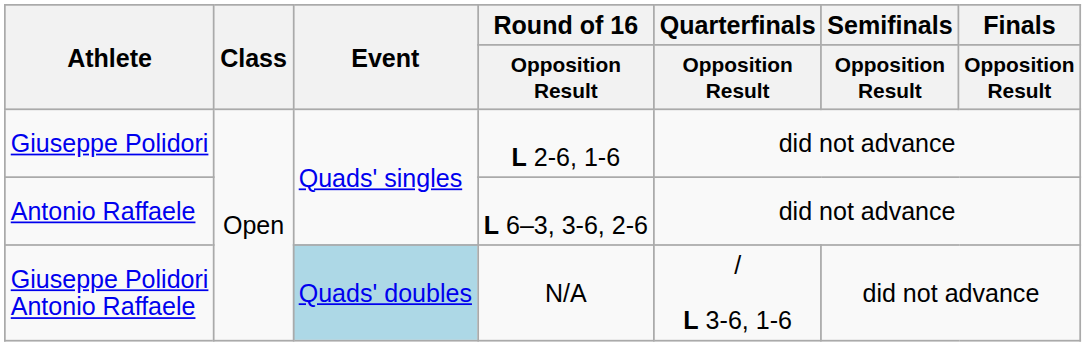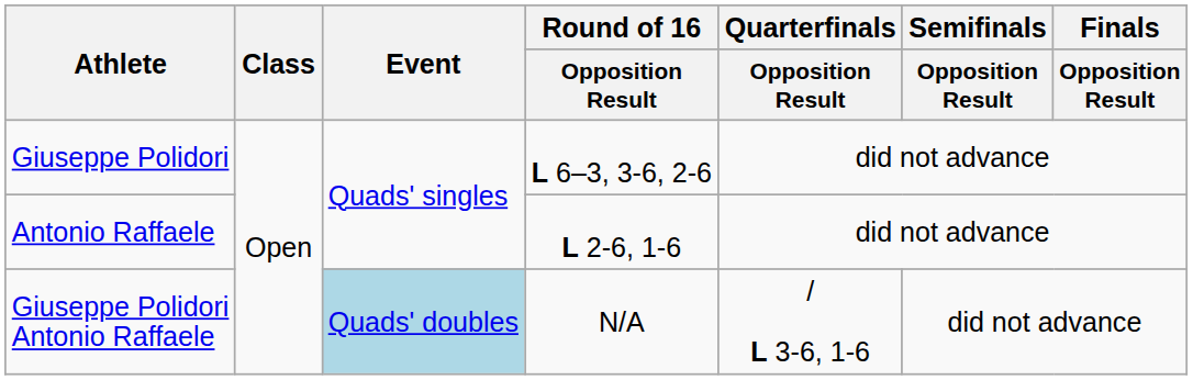 <table class=wikitable style="font-size:90%">
 <tr>
 <th rowspan="2">Athlete</th>
 <th rowspan="2">Class</th>
 <th rowspan="2">Event</th>
 <th>Round of 16</th>
 <th>Quarterfinals</th>
 <th>Semifinals</th>
 <th>Finals</th>
 </tr>
 <tr>
 <th style="line-height:1em"><small>Opposition<br>Result</small></th>
 <th style="line-height:1em"><small>Opposition<br>Result</small></th>
 <th style="line-height:1em"><small>Opposition<br>Result</small></th>
 <th style="line-height:1em"><small>Opposition<br>Result</small></th>
 </tr>
 <tr>
 <td><a href='#'>Giuseppe Polidori</a></td>
 <td rowspan="3" style="text-align:center;">Open</td>
 <td rowspan="2"><a href='#'>Quads' singles</a></td>
-<td style="text-align:center;"><br><strong>L</strong> 2-6, 1-6</td>
+<td style="text-align:center;"><br><strong>L</strong> 6–3, 3-6, 2-6</td>
 <td style="text-align:center;" colspan="3">did not advance</td>
 </tr>
 <tr>
 <td><a href='#'>Antonio Raffaele</a></td>
-<td style="text-align:center;"><br><strong>L</strong> 6–3, 3-6, 2-6</td>
+<td style="text-align:center;"><br><strong>L</strong> 2-6, 1-6</td>
 <td style="text-align:center;" colspan="3">did not advance</td>
 </tr>
 <tr>
 <td><a href='#'>Giuseppe Polidori</a><br> <a href='#'>Antonio Raffaele</a></td>
 <td style="background: lightblue;"><a href='#'>Quads' doubles</a></td>
 <td style="text-align:center;">N/A</td>
 <td style="text-align:center;"> /<br> <br><strong>L</strong> 3-6, 1-6</td>
 <td style="text-align:center;" colspan="2">did not advance</td>
 </tr>
 </table>
